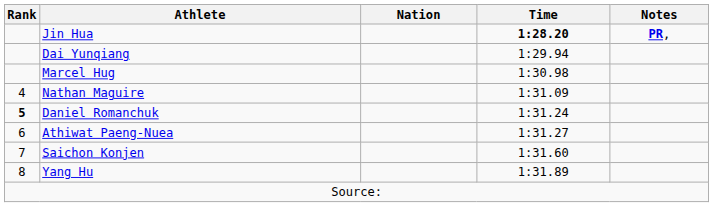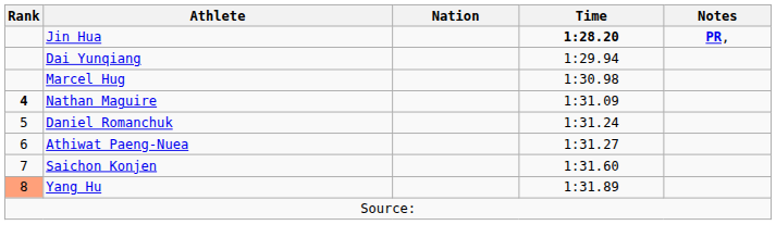 <table class="wikitable sortable" style="text-align:center;width: 60%;">
 <tr>
 <th scope="col" style="width: 10px;">Rank</th>
 <th scope="col">Athlete</th>
 <th scope="col">Nation</th>
 <th scope="col">Time</th>
 <th scope="col">Notes</th>
 </tr>
 <tr>
 <td></td>
 <td align=left><a href='#'>Jin Hua</a></td>
 <td align=left></td>
 <td><strong>1:28.20</strong></td>
 <td><strong><a href='#'>PR</a></strong>, </td>
 </tr>
 <tr>
 <td></td>
 <td align=left><a href='#'>Dai Yunqiang</a></td>
 <td align=left></td>
 <td>1:29.94</td>
 <td></td>
 </tr>
 <tr>
 <td></td>
 <td align=left><a href='#'>Marcel Hug</a></td>
 <td align=left></td>
 <td>1:30.98</td>
 <td></td>
 </tr>
 <tr>
-<td>4</td>
+<td><strong>4</strong></td>
 <td align=left><a href='#'>Nathan Maguire</a></td>
 <td align=left></td>
 <td>1:31.09</td>
 <td></td>
 </tr>
 <tr>
-<td><strong>5</strong></td>
+<td>5</td>
 <td align=left><a href='#'>Daniel Romanchuk</a></td>
 <td align=left></td>
 <td>1:31.24</td>
 <td></td>
 </tr>
 <tr>
 <td>6</td>
 <td align=left><a href='#'>Athiwat Paeng-Nuea</a></td>
 <td align=left></td>
 <td>1:31.27</td>
 <td></td>
 </tr>
 <tr>
 <td>7</td>
 <td align=left><a href='#'>Saichon Konjen</a></td>
 <td align=left></td>
 <td>1:31.60</td>
 <td></td>
 </tr>
 <tr>
-<td>8</td>
+<td style="background: lightsalmon;">8</td>
 <td align=left><a href='#'>Yang Hu</a></td>
 <td align=left></td>
 <td>1:31.89</td>
 <td></td>
 </tr>
 <tr class="sortbottom">
 <td colspan="5">Source:</td>
 </tr>
 </table>
